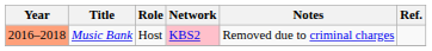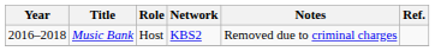 <table class="wikitable">
 <tr>
 <th>Year</th>
 <th>Title</th>
 <th>Role</th>
 <th>Network</th>
 <th>Notes</th>
 <th>Ref.</th>
 </tr>
 <tr>
-<td style="background: lightsalmon;">2016–2018</td>
+<td>2016–2018</td>
 <td><em><a href='#'>Music Bank</a></em></td>
 <td>Host</td>
-<td style="background: pink;"><a href='#'>KBS2</a></td>
+<td><a href='#'>KBS2</a></td>
 <td>Removed due to <a href='#'>criminal charges</a></td>
 <td></td>
 </tr>
 <tr>
 </tr>
 </table>
